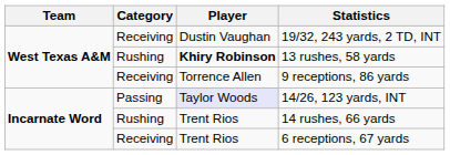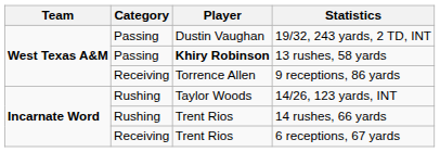 <table class="wikitable" style="float: left;">
 <tr>
 <th>Team</th>
 <th>Category</th>
 <th>Player</th>
 <th>Statistics</th>
 </tr>
 <tr>
 <td rowspan=3><strong>West Texas A&M</strong></td>
-<td>Receiving</td>
+<td>Passing</td>
 <td>Dustin Vaughan</td>
 <td>19/32, 243 yards, 2 TD, INT</td>
 </tr>
 <tr>
-<td>Rushing</td>
+<td>Passing</td>
 <td><strong>Khiry Robinson</strong></td>
 <td>13 rushes, 58 yards</td>
 </tr>
 <tr>
 <td>Receiving</td>
 <td>Torrence Allen</td>
 <td>9 receptions, 86 yards</td>
 </tr>
 <tr>
 <td rowspan=3><strong>Incarnate Word</strong></td>
-<td>Passing</td>
-<td style="background: lavender;">Taylor Woods</td>
+<td>Rushing</td>
+<td>Taylor Woods</td>
 <td>14/26, 123 yards, INT</td>
 </tr>
 <tr>
 <td>Rushing</td>
 <td>Trent Rios</td>
 <td>14 rushes, 66 yards</td>
 </tr>
 <tr>
 <td>Receiving</td>
 <td>Trent Rios</td>
 <td>6 receptions, 67 yards</td>
 </tr>
 </table>
